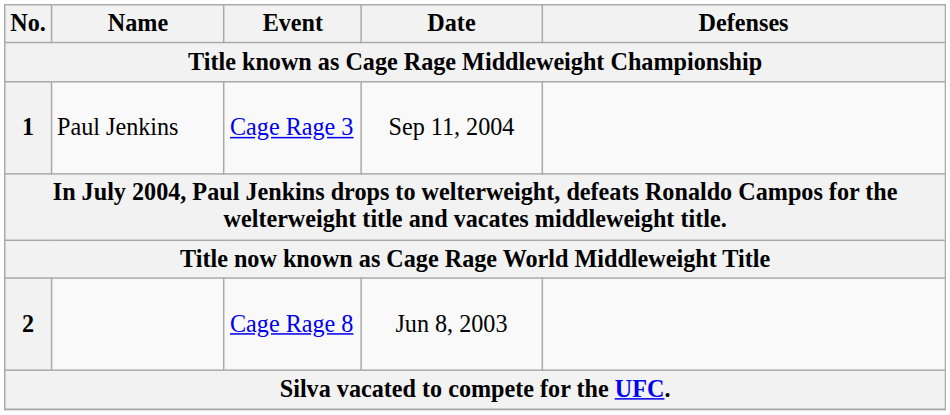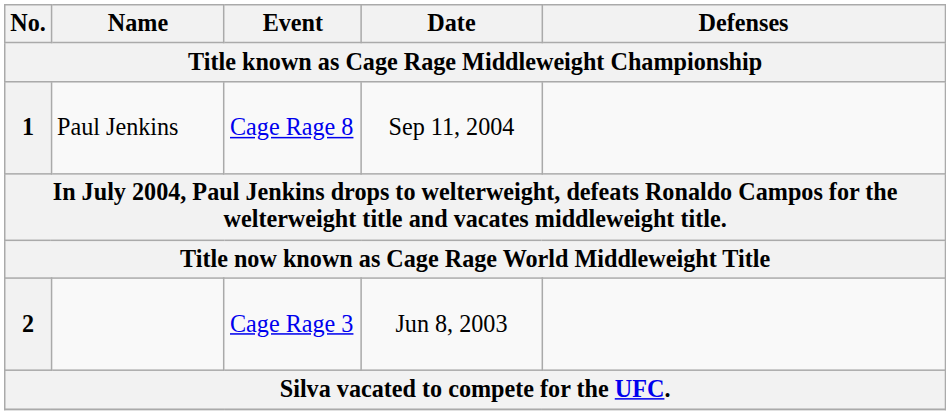 <table class="wikitable" width=100%>
 <tr>
 <th width=1%>No.</th>
 <th width=19%>Name</th>
 <th width=15%>Event</th>
 <th width=20%>Date</th>
 <th width=45%>Defenses</th>
 </tr>
 <tr>
 <th align=center colspan=5>Title known as <strong>Cage Rage Middleweight Championship</strong></th>
 </tr>
 <tr>
 <th>1</th>
 <td> Paul Jenkins <br></td>
-<td><a href='#'>Cage Rage 3</a> <br></td>
+<td><a href='#'>Cage Rage 8</a> <br></td>
 <td align=center>Sep 11, 2004</td>
 <td><br><br> <br> </td>
 </tr>
 <tr>
 <th colspan=5 align=center>In July 2004, Paul Jenkins drops to welterweight, defeats Ronaldo Campos for the welterweight title and vacates middleweight title.</th>
 </tr>
 <tr>
 <th colspan=5 align=center>Title now known as <strong>Cage Rage World Middleweight Title</strong></th>
 </tr>
 <tr>
 <th>2</th>
 <td> <br></td>
-<td><a href='#'>Cage Rage 8</a> <br></td>
+<td><a href='#'>Cage Rage 3</a> <br></td>
 <td align=center>Jun 8, 2003</td>
 <td><br><br> <br> </td>
 </tr>
 <tr>
 <th colspan=5 align=center>Silva vacated to compete for the <a href='#'>UFC</a>.</th>
 </tr>
 <tr>
 </tr>
 </table>
